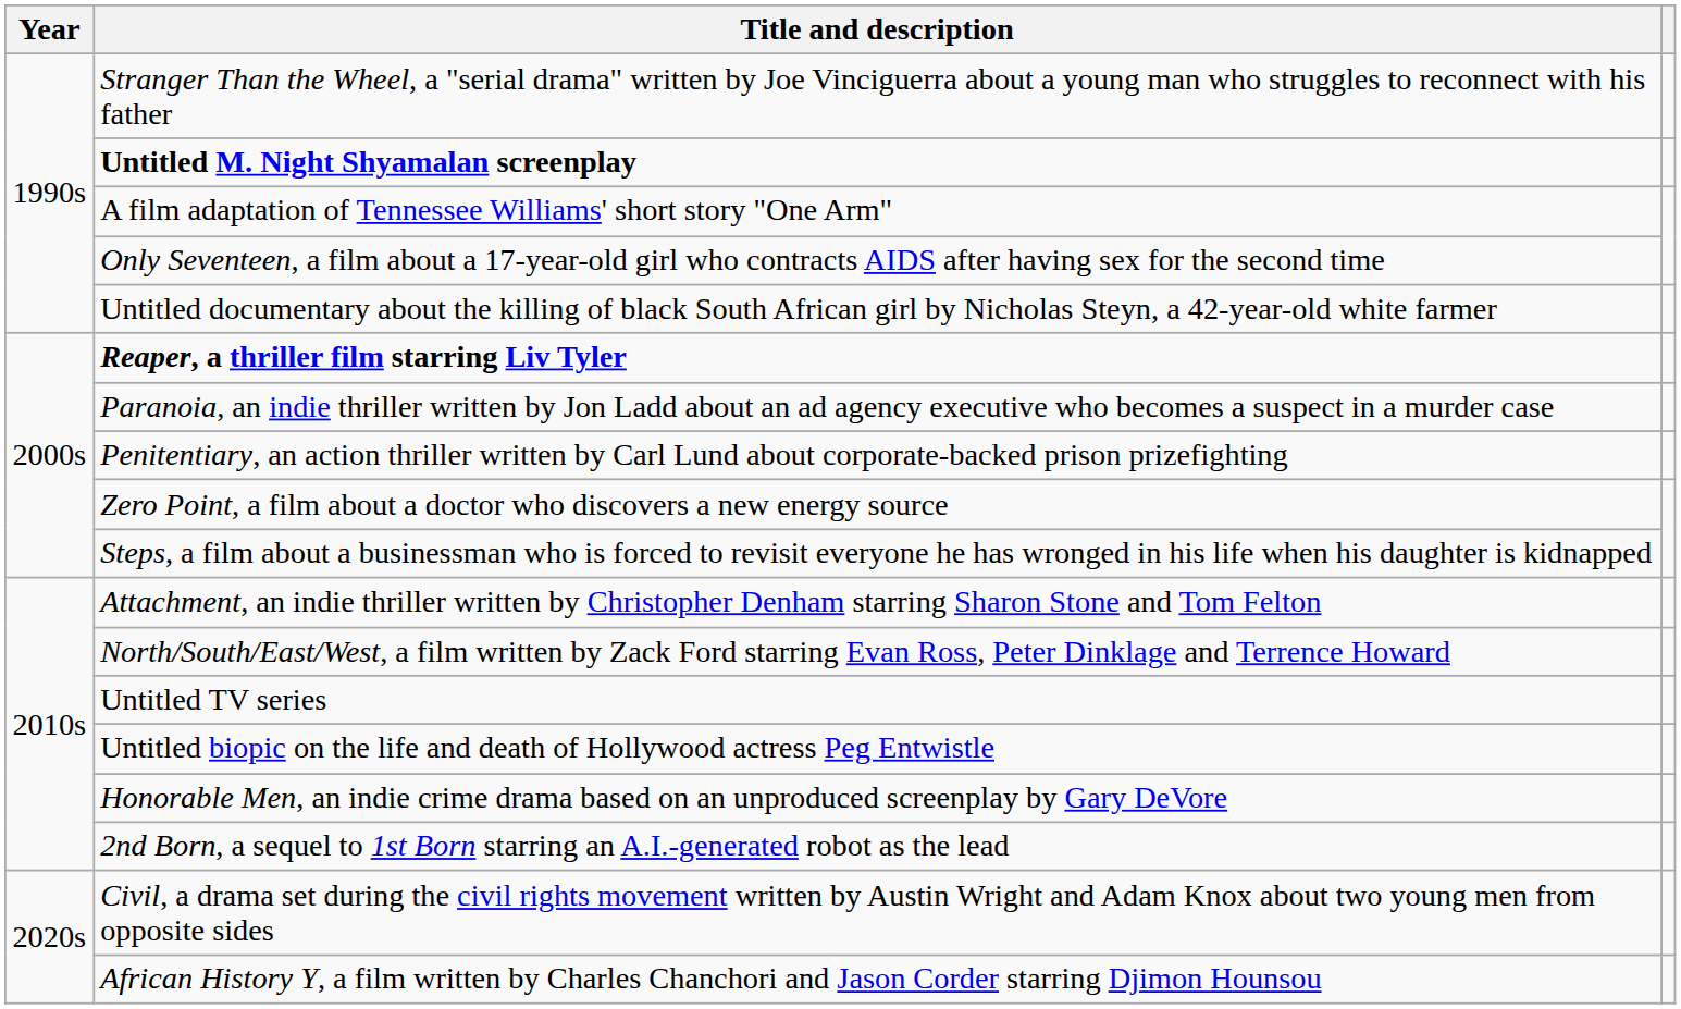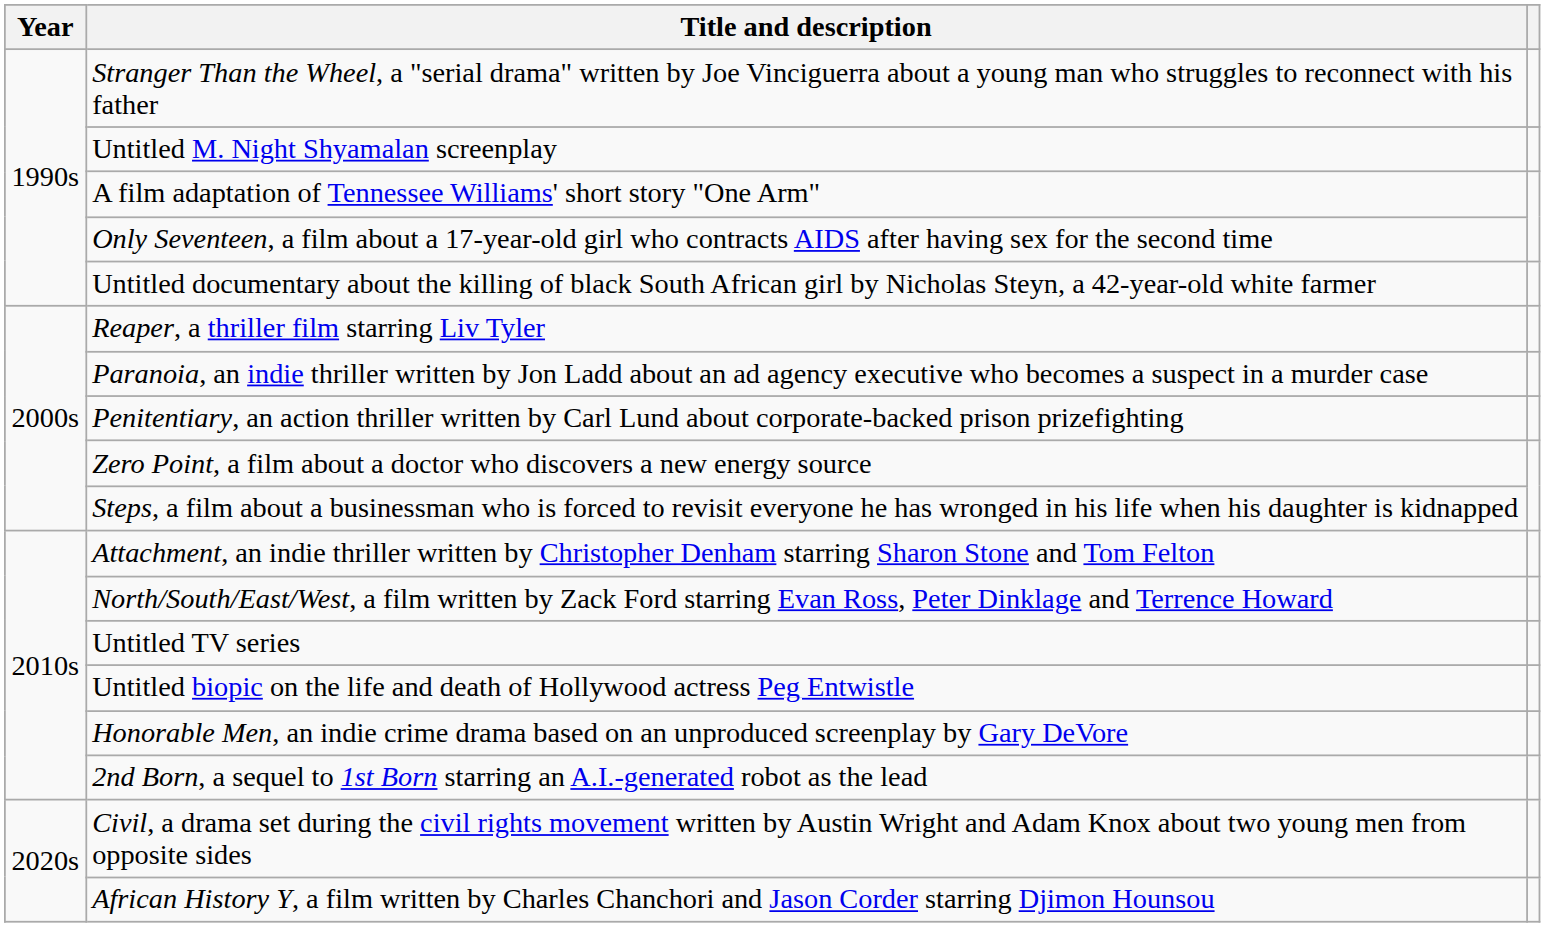 <table class="wikitable plainrowheaders">
 <tr>
 <th scope="col">Year</th>
 <th scope="col">Title and description</th>
 <th scope="col"></th>
 </tr>
 <tr>
 <td rowspan="5">1990s</td>
 <td><em>Stranger Than the Wheel</em>, a "serial drama" written by Joe Vinciguerra about a young man who struggles to reconnect with his father</td>
 <td></td>
 </tr>
 <tr>
-<td><strong>Untitled <a href='#'>M. Night Shyamalan</a> screenplay</strong></td>
+<td>Untitled <a href='#'>M. Night Shyamalan</a> screenplay</td>
 <td></td>
 </tr>
 <tr>
 <td>A film adaptation of <a href='#'>Tennessee Williams</a>' short story "One Arm"</td>
 <td rowspan="2"></td>
 </tr>
 <tr>
 <td><em>Only Seventeen</em>, a film about a 17-year-old girl who contracts <a href='#'>AIDS</a> after having sex for the second time</td>
 </tr>
 <tr>
 <td>Untitled documentary about the killing of black South African girl by Nicholas Steyn, a 42-year-old white farmer</td>
 <td></td>
 </tr>
 <tr>
 <td rowspan="5">2000s</td>
-<td><strong><em>Reaper</em>, a <a href='#'>thriller film</a> starring <a href='#'>Liv Tyler</a></strong></td>
+<td><em>Reaper</em>, a <a href='#'>thriller film</a> starring <a href='#'>Liv Tyler</a></td>
 <td></td>
 </tr>
 <tr>
 <td><em>Paranoia</em>, an <a href='#'>indie</a> thriller written by Jon Ladd about an ad agency executive who becomes a suspect in a murder case</td>
 <td></td>
 </tr>
 <tr>
 <td><em>Penitentiary</em>, an action thriller written by Carl Lund about corporate-backed prison prizefighting</td>
 <td></td>
 </tr>
 <tr>
 <td><em>Zero Point</em>, a film about a doctor who discovers a new energy source</td>
 <td rowspan="2"></td>
 </tr>
 <tr>
 <td><em>Steps</em>, a film about a businessman who is forced to revisit everyone he has wronged in his life when his daughter is kidnapped</td>
 </tr>
 <tr>
 <td rowspan="6">2010s</td>
 <td><em>Attachment</em>, an indie thriller written by <a href='#'>Christopher Denham</a> starring <a href='#'>Sharon Stone</a> and <a href='#'>Tom Felton</a></td>
 <td></td>
 </tr>
 <tr>
 <td><em>North/South/East/West</em>, a film written by Zack Ford starring <a href='#'>Evan Ross</a>, <a href='#'>Peter Dinklage</a> and <a href='#'>Terrence Howard</a></td>
 <td></td>
 </tr>
 <tr>
 <td>Untitled TV series</td>
 <td></td>
 </tr>
 <tr>
 <td>Untitled <a href='#'>biopic</a> on the life and death of Hollywood actress <a href='#'>Peg Entwistle</a></td>
 <td></td>
 </tr>
 <tr>
 <td><em>Honorable Men</em>, an indie crime drama based on an unproduced screenplay by <a href='#'>Gary DeVore</a></td>
 <td></td>
 </tr>
 <tr>
 <td><em>2nd Born</em>, a sequel to <em><a href='#'>1st Born</a></em> starring an <a href='#'>A.I.-generated</a> robot as the lead</td>
 <td></td>
 </tr>
 <tr>
 <td rowspan="2">2020s</td>
 <td><em>Civil</em>, a drama set during the <a href='#'>civil rights movement</a> written by Austin Wright and Adam Knox about two young men from opposite sides</td>
 <td></td>
 </tr>
 <tr>
 <td><em>African History Y</em>, a film written by Charles Chanchori and <a href='#'>Jason Corder</a> starring <a href='#'>Djimon Hounsou</a></td>
 <td></td>
 </tr>
 </table>
